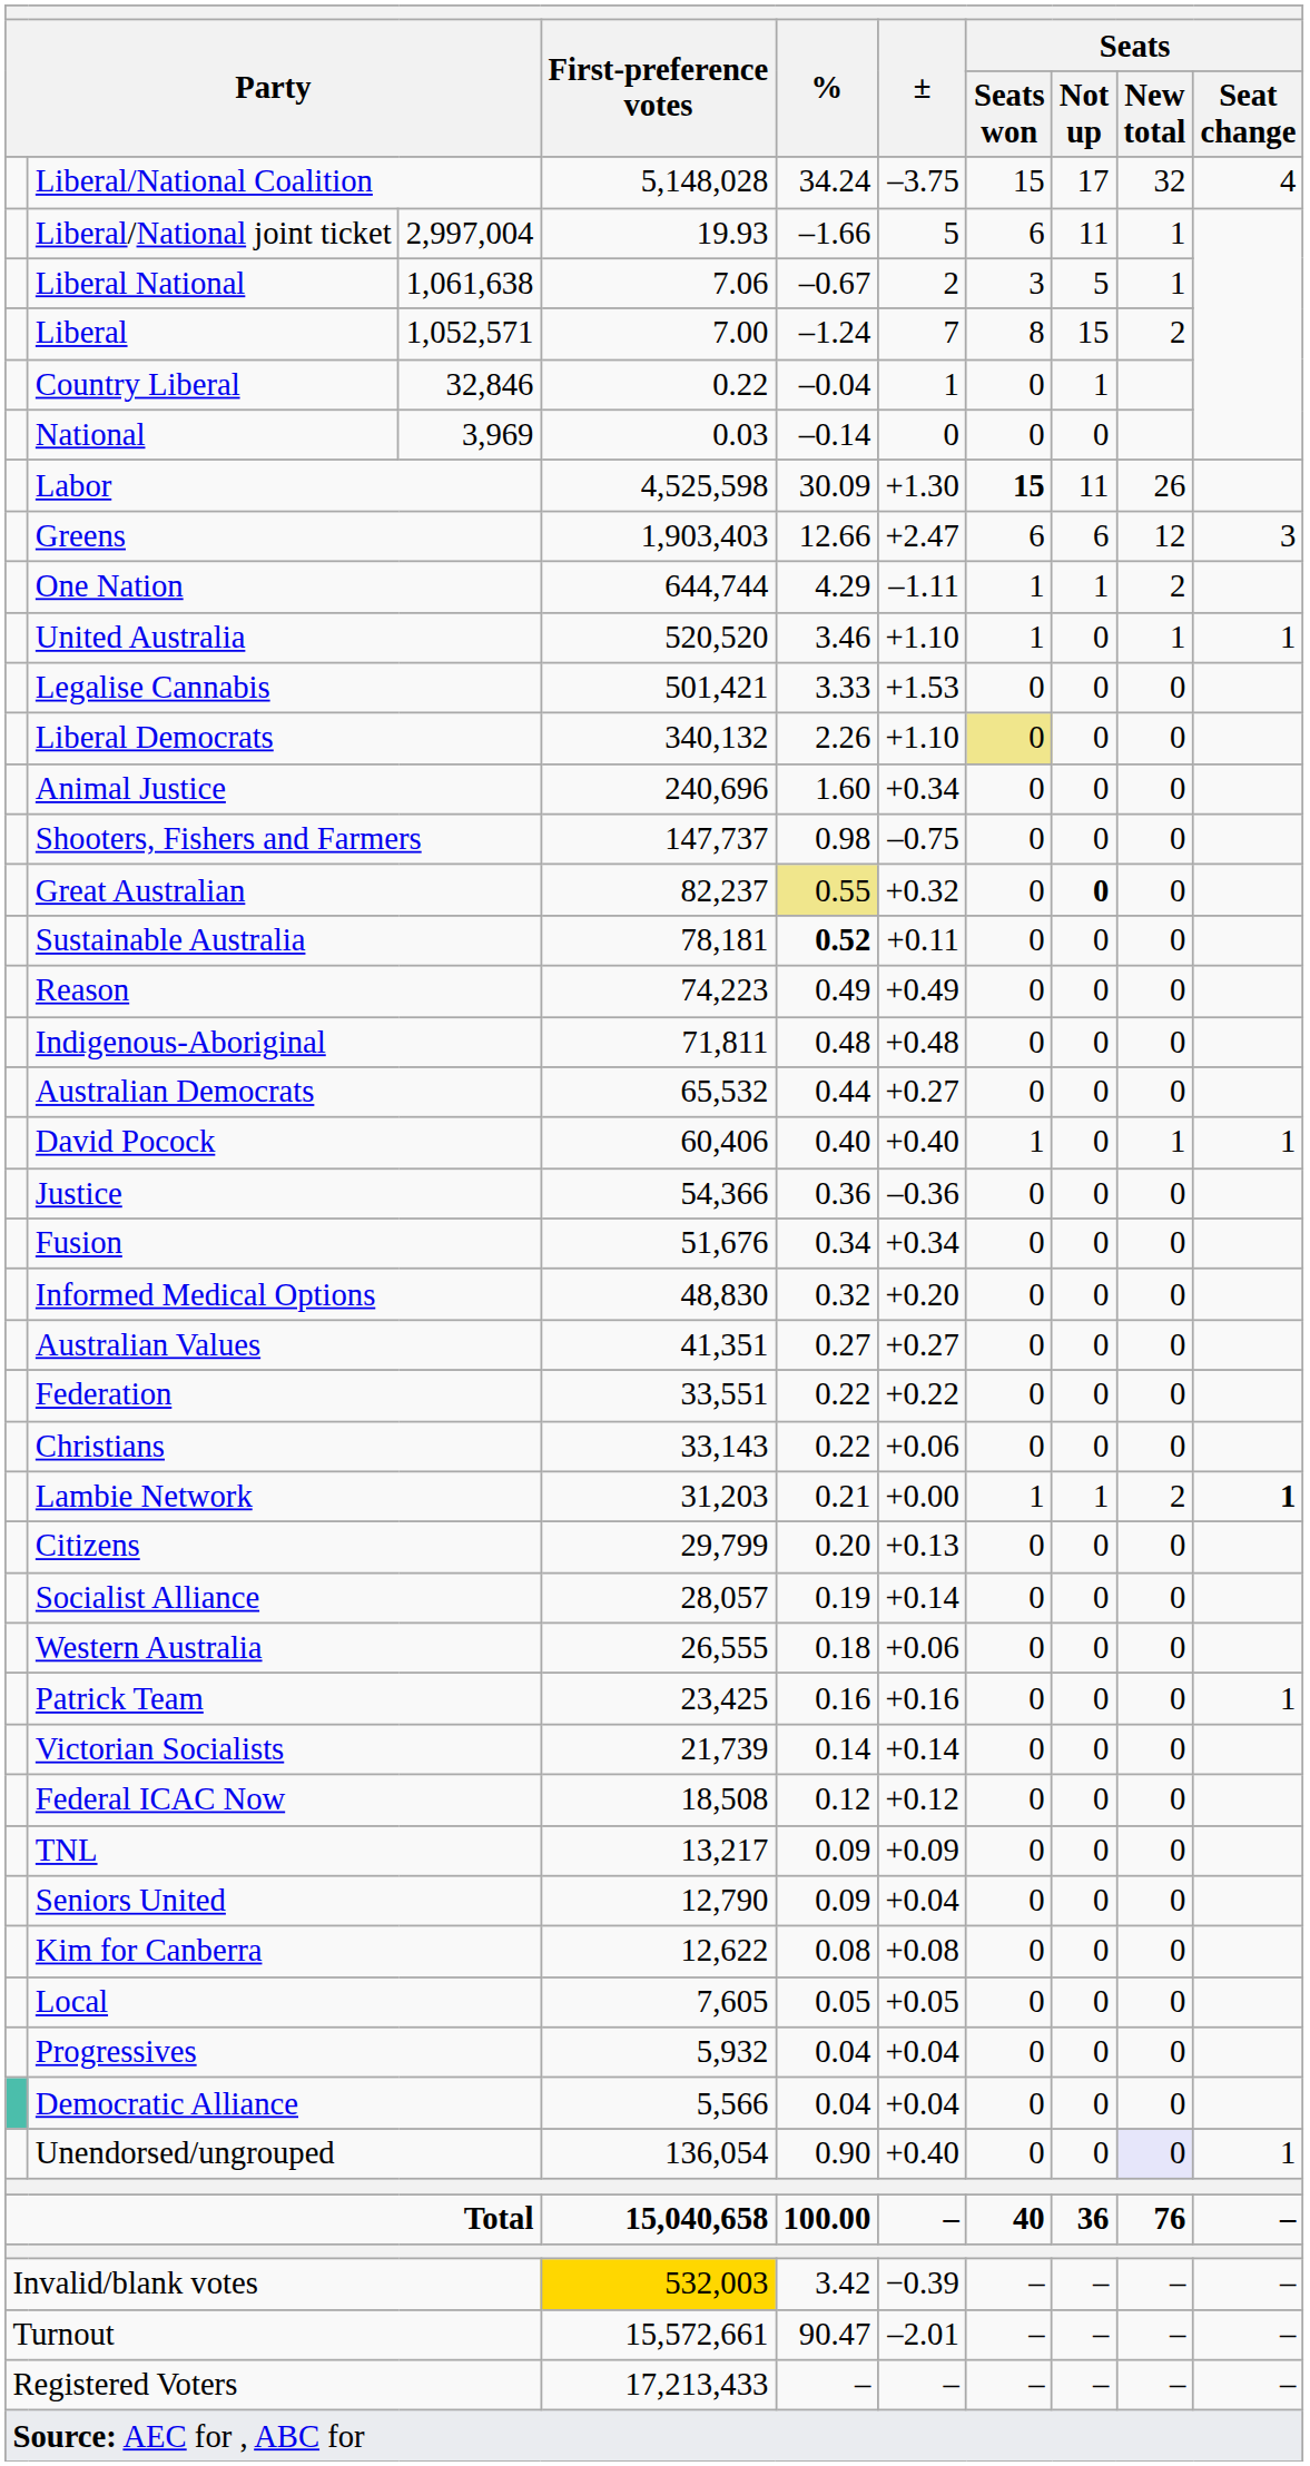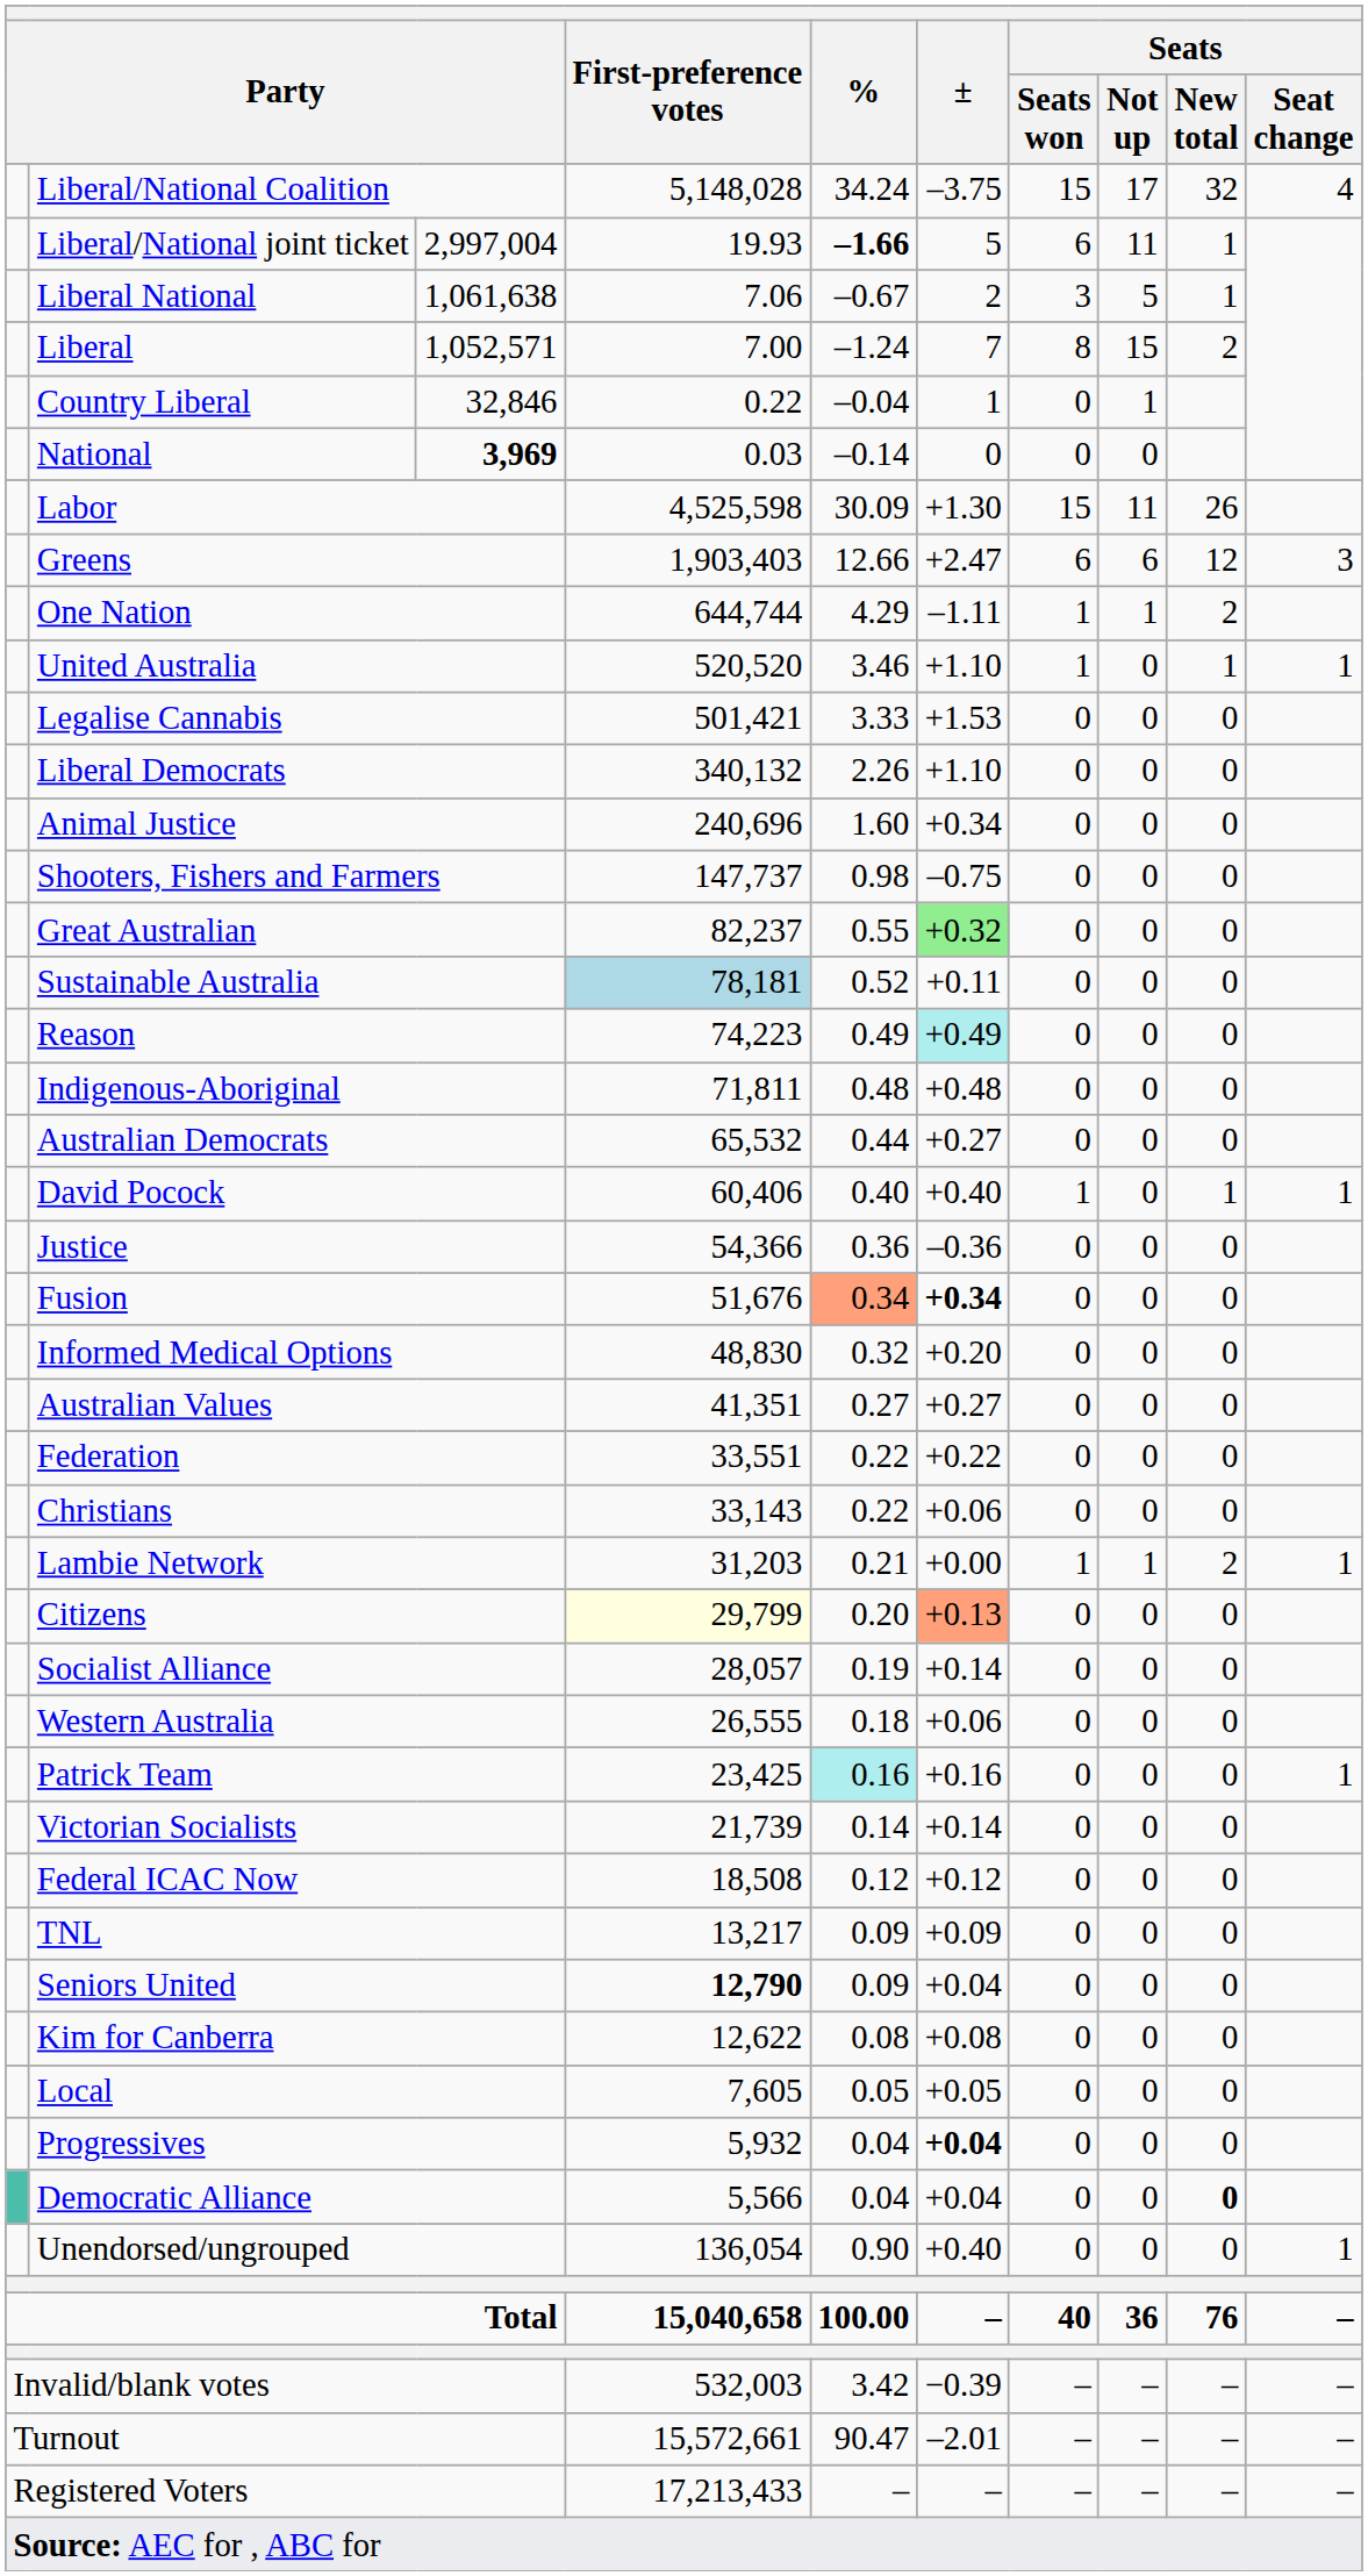 <table class="wikitable sortable tpl-blanktable" style="text-align:right; margin-bottom:0">
 <tr>
 <th colspan="10"></th>
 </tr>
 <tr>
 <th colspan="3" rowspan="2">Party</th>
 <th rowspan="2">First-preference<br>votes</th>
 <th rowspan="2">%</th>
 <th rowspan="2">±</th>
 <th colspan="4">Seats</th>
 </tr>
 <tr>
 <th>Seats<br>won</th>
 <th>Not<br>up</th>
 <th>New<br>total</th>
 <th>Seat<br>change</th>
 </tr>
 <tr>
 <td> </td>
 <td colspan="2" style="text-align:left;"><a href='#'>Liberal/National Coalition</a></td>
 <td>5,148,028</td>
 <td>34.24</td>
 <td>–3.75</td>
 <td>15</td>
 <td>17</td>
 <td>32</td>
 <td> 4</td>
 </tr>
 <tr>
 <td> </td>
 <td align="left"><a href='#'>Liberal</a>/<a href='#'>National</a> joint ticket</td>
 <td>2,997,004</td>
 <td>19.93</td>
-<td>–1.66</td>
+<td><strong>–1.66</strong></td>
 <td>5</td>
 <td>6</td>
 <td>11</td>
 <td> 1</td>
 </tr>
 <tr>
 <td> </td>
 <td align="left"><a href='#'>Liberal National</a> </td>
 <td>1,061,638</td>
 <td>7.06</td>
 <td>–0.67</td>
 <td>2</td>
 <td>3</td>
 <td>5</td>
 <td> 1</td>
 </tr>
 <tr>
 <td> </td>
 <td align="left"><a href='#'>Liberal</a></td>
 <td>1,052,571</td>
 <td>7.00</td>
 <td>–1.24</td>
 <td>7</td>
 <td>8</td>
 <td>15</td>
 <td> 2</td>
 </tr>
 <tr>
 <td> </td>
 <td align="left"><a href='#'>Country Liberal</a> </td>
 <td>32,846</td>
 <td>0.22</td>
 <td>–0.04</td>
 <td>1</td>
 <td>0</td>
 <td>1</td>
 <td></td>
 </tr>
 <tr>
 <td> </td>
 <td align="left"><a href='#'>National</a></td>
-<td>3,969</td>
+<td><strong>3,969</strong></td>
 <td>0.03</td>
 <td>–0.14</td>
 <td>0</td>
 <td>0</td>
 <td>0</td>
 <td></td>
 </tr>
 <tr>
 <td> </td>
 <td colspan="2" style="text-align:left;"><a href='#'>Labor</a></td>
 <td>4,525,598</td>
 <td>30.09</td>
 <td>+1.30</td>
-<td><strong>15</strong></td>
+<td>15</td>
 <td>11</td>
 <td>26</td>
 <td></td>
 </tr>
 <tr>
 <td> </td>
 <td colspan="2" style="text-align:left;"><a href='#'>Greens</a></td>
 <td>1,903,403</td>
 <td>12.66</td>
 <td>+2.47</td>
 <td>6</td>
 <td>6</td>
 <td>12</td>
 <td> 3</td>
 </tr>
 <tr>
 <td> </td>
 <td colspan="2" style="text-align:left;"><a href='#'>One Nation</a></td>
 <td>644,744</td>
 <td>4.29</td>
 <td>–1.11</td>
 <td>1</td>
 <td>1</td>
 <td>2</td>
 <td></td>
 </tr>
 <tr>
 <td> </td>
 <td colspan="2" style="text-align:left;"><a href='#'>United Australia</a></td>
 <td>520,520</td>
 <td>3.46</td>
 <td>+1.10</td>
 <td>1</td>
 <td>0</td>
 <td>1</td>
 <td> 1</td>
 </tr>
 <tr>
 <td> </td>
 <td colspan="2" style="text-align:left;"><a href='#'>Legalise Cannabis</a></td>
 <td>501,421</td>
 <td>3.33</td>
 <td>+1.53</td>
 <td>0</td>
 <td>0</td>
 <td>0</td>
 <td></td>
 </tr>
 <tr>
 <td> </td>
 <td colspan="2" style="text-align:left;"><a href='#'>Liberal Democrats</a></td>
 <td>340,132</td>
 <td>2.26</td>
 <td>+1.10</td>
-<td style="background: khaki;">0</td>
+<td>0</td>
 <td>0</td>
 <td>0</td>
 <td><br></td>
 </tr>
 <tr>
 <td> </td>
 <td colspan="2" style="text-align:left;"><a href='#'>Animal Justice</a></td>
 <td>240,696</td>
 <td>1.60</td>
 <td>+0.34</td>
 <td>0</td>
 <td>0</td>
 <td>0</td>
 <td></td>
 </tr>
 <tr>
 <td> </td>
 <td colspan="2" style="text-align:left;"><a href='#'>Shooters, Fishers and Farmers</a></td>
 <td>147,737</td>
 <td>0.98</td>
 <td>–0.75</td>
 <td>0</td>
 <td>0</td>
 <td>0</td>
 <td></td>
 </tr>
 <tr>
 <td> </td>
 <td colspan="2" style="text-align:left;"><a href='#'>Great Australian</a></td>
 <td>82,237</td>
-<td style="background: khaki;">0.55</td>
-<td>+0.32</td>
+<td>0.55</td>
+<td style="background: lightgreen;">+0.32</td>
 <td>0</td>
-<td><strong>0</strong></td>
+<td>0</td>
 <td>0</td>
 <td></td>
 </tr>
 <tr>
 <td> </td>
 <td colspan="2" style="text-align:left;"><a href='#'>Sustainable Australia</a></td>
-<td>78,181</td>
-<td><strong>0.52</strong></td>
+<td style="background: lightblue;">78,181</td>
+<td>0.52</td>
 <td>+0.11</td>
 <td>0</td>
 <td>0</td>
 <td>0</td>
 <td><br></td>
 </tr>
 <tr>
 <td> </td>
 <td colspan="2" style="text-align:left;"><a href='#'>Reason</a></td>
 <td>74,223</td>
 <td>0.49</td>
-<td>+0.49</td>
+<td style="background: paleturquoise;">+0.49</td>
 <td>0</td>
 <td>0</td>
 <td>0</td>
 <td></td>
 </tr>
 <tr>
 <td> </td>
 <td colspan="2" style="text-align:left;"><a href='#'>Indigenous-Aboriginal</a></td>
 <td>71,811</td>
 <td>0.48</td>
 <td>+0.48</td>
 <td>0</td>
 <td>0</td>
 <td>0</td>
 <td></td>
 </tr>
 <tr>
 <td> </td>
 <td colspan="2" style="text-align:left;"><a href='#'>Australian Democrats</a></td>
 <td>65,532</td>
 <td>0.44</td>
 <td>+0.27</td>
 <td>0</td>
 <td>0</td>
 <td>0</td>
 <td></td>
 </tr>
 <tr>
 <td> </td>
 <td colspan="2" style="text-align:left;"><a href='#'>David Pocock</a></td>
 <td>60,406</td>
 <td>0.40</td>
 <td>+0.40</td>
 <td>1</td>
 <td>0</td>
 <td>1</td>
 <td> 1<br></td>
 </tr>
 <tr>
 <td> </td>
 <td colspan="2" style="text-align:left;"><a href='#'>Justice</a></td>
 <td>54,366</td>
 <td>0.36</td>
 <td>–0.36</td>
 <td>0</td>
 <td>0</td>
 <td>0</td>
 <td></td>
 </tr>
 <tr>
 <td> </td>
 <td colspan="2" style="text-align:left;"><a href='#'>Fusion</a></td>
 <td>51,676</td>
-<td>0.34</td>
-<td>+0.34</td>
+<td style="background: lightsalmon;">0.34</td>
+<td><strong>+0.34</strong></td>
 <td>0</td>
 <td>0</td>
 <td>0</td>
 <td></td>
 </tr>
 <tr>
 <td> </td>
 <td colspan="2" style="text-align:left;"><a href='#'>Informed Medical Options</a></td>
 <td>48,830</td>
 <td>0.32</td>
 <td>+0.20</td>
 <td>0</td>
 <td>0</td>
 <td>0</td>
 <td></td>
 </tr>
 <tr>
 <td> </td>
 <td colspan="2" style="text-align:left;"><a href='#'>Australian Values</a></td>
 <td>41,351</td>
 <td>0.27</td>
 <td>+0.27</td>
 <td>0</td>
 <td>0</td>
 <td>0</td>
 <td></td>
 </tr>
 <tr>
 <td> </td>
 <td colspan="2" style="text-align:left;"><a href='#'>Federation</a></td>
 <td>33,551</td>
 <td>0.22</td>
 <td>+0.22</td>
 <td>0</td>
 <td>0</td>
 <td>0</td>
 <td></td>
 </tr>
 <tr>
 <td> </td>
 <td colspan="2" style="text-align:left;"><a href='#'>Christians</a></td>
 <td>33,143</td>
 <td>0.22</td>
 <td>+0.06</td>
 <td>0</td>
 <td>0</td>
 <td>0</td>
 <td><br></td>
 </tr>
 <tr>
 <td> </td>
 <td colspan="2" style="text-align:left;"><a href='#'>Lambie Network</a></td>
 <td>31,203</td>
 <td>0.21</td>
 <td>+0.00</td>
 <td>1</td>
 <td>1</td>
 <td>2</td>
-<td><strong> 1<br></strong></td>
+<td> 1<br></td>
 </tr>
 <tr>
 <td> </td>
 <td colspan="2" style="text-align:left;"><a href='#'>Citizens</a></td>
-<td>29,799</td>
+<td style="background: lightyellow;">29,799</td>
 <td>0.20</td>
-<td>+0.13</td>
+<td style="background: lightsalmon;">+0.13</td>
 <td>0</td>
 <td>0</td>
 <td>0</td>
 <td></td>
 </tr>
 <tr>
 <td> </td>
 <td colspan="2" style="text-align:left;"><a href='#'>Socialist Alliance</a></td>
 <td>28,057</td>
 <td>0.19</td>
 <td>+0.14</td>
 <td>0</td>
 <td>0</td>
 <td>0</td>
 <td><br></td>
 </tr>
 <tr>
 <td> </td>
 <td colspan="2" style="text-align:left;"><a href='#'>Western Australia</a></td>
 <td>26,555</td>
 <td>0.18</td>
 <td>+0.06</td>
 <td>0</td>
 <td>0</td>
 <td>0</td>
 <td></td>
 </tr>
 <tr>
 <td> </td>
 <td colspan="2" style="text-align:left;"><a href='#'>Patrick Team</a></td>
 <td>23,425</td>
-<td>0.16</td>
+<td style="background: paleturquoise;">0.16</td>
 <td>+0.16</td>
 <td>0</td>
 <td>0</td>
 <td>0</td>
 <td> 1<br></td>
 </tr>
 <tr>
 <td> </td>
 <td colspan="2" style="text-align:left;"><a href='#'>Victorian Socialists</a></td>
 <td>21,739</td>
 <td>0.14</td>
 <td>+0.14</td>
 <td>0</td>
 <td>0</td>
 <td>0</td>
 <td></td>
 </tr>
 <tr>
 <td> </td>
 <td colspan="2" style="text-align:left;"><a href='#'>Federal ICAC Now</a></td>
 <td>18,508</td>
 <td>0.12</td>
 <td>+0.12</td>
 <td>0</td>
 <td>0</td>
 <td>0</td>
 <td></td>
 </tr>
 <tr>
 <td> </td>
 <td colspan="2" style="text-align:left;"><a href='#'>TNL</a></td>
 <td>13,217</td>
 <td>0.09</td>
 <td>+0.09</td>
 <td>0</td>
 <td>0</td>
 <td>0</td>
 <td></td>
 </tr>
 <tr>
 <td> </td>
 <td colspan="2" style="text-align:left;"><a href='#'>Seniors United</a></td>
-<td>12,790</td>
+<td><strong>12,790</strong></td>
 <td>0.09</td>
 <td>+0.04</td>
 <td>0</td>
 <td>0</td>
 <td>0</td>
 <td></td>
 </tr>
 <tr>
 <td> </td>
 <td colspan="2" style="text-align:left;"><a href='#'>Kim for Canberra</a></td>
 <td>12,622</td>
 <td>0.08</td>
 <td>+0.08</td>
 <td>0</td>
 <td>0</td>
 <td>0</td>
 <td></td>
 </tr>
 <tr>
 <td> </td>
 <td colspan="2" style="text-align:left;"><a href='#'>Local</a></td>
 <td>7,605</td>
 <td>0.05</td>
 <td>+0.05</td>
 <td>0</td>
 <td>0</td>
 <td>0</td>
 <td></td>
 </tr>
 <tr>
 <td> </td>
 <td colspan="2" style="text-align:left;"><a href='#'>Progressives</a></td>
 <td>5,932</td>
 <td>0.04</td>
-<td>+0.04</td>
+<td><strong>+0.04</strong></td>
 <td>0</td>
 <td>0</td>
 <td>0</td>
 <td></td>
 </tr>
 <tr>
 <th style=background:#4BBEAB> </th>
 <td colspan="2" style="text-align:left;"><a href='#'>Democratic Alliance</a></td>
 <td>5,566</td>
 <td>0.04</td>
 <td>+0.04</td>
 <td>0</td>
 <td>0</td>
-<td>0</td>
+<td><strong>0</strong></td>
 <td></td>
 </tr>
 <tr>
 <td> </td>
 <td colspan="2" style="text-align:left;">Unendorsed/ungrouped</td>
 <td>136,054</td>
 <td>0.90</td>
 <td>+0.40</td>
 <td>0</td>
 <td>0</td>
-<td style="background: lavender;">0</td>
+<td>0</td>
 <td> 1<br></td>
 </tr>
 <tr>
 <th colspan=10></th>
 </tr>
 <tr>
 <td colspan="3"><strong>Total</strong></td>
 <td><strong>15,040,658</strong></td>
 <td><strong>100.00</strong></td>
 <td><strong>–</strong></td>
 <td><strong>40</strong></td>
 <td><strong>36</strong></td>
 <td><strong>76</strong></td>
 <td><strong>–</strong></td>
 </tr>
 <tr>
 <th colspan=10></th>
 </tr>
 <tr>
 <td colspan="3" align=left>Invalid/blank votes</td>
-<td style="background: gold;">532,003</td>
+<td>532,003</td>
 <td>3.42</td>
 <td>−0.39</td>
 <td>–</td>
 <td>–</td>
 <td>–</td>
 <td>–</td>
 </tr>
 <tr>
 <td colspan="3" align=left>Turnout</td>
 <td>15,572,661</td>
 <td>90.47</td>
 <td>–2.01</td>
 <td>–</td>
 <td>–</td>
 <td>–</td>
 <td>–</td>
 </tr>
 <tr>
 <td colspan="3" align=left>Registered Voters</td>
 <td>17,213,433</td>
 <td>–</td>
 <td>–</td>
 <td>–</td>
 <td>–</td>
 <td>–</td>
 <td>–</td>
 </tr>
 <tr>
 <td colspan="10" style="text-align:left; background-color:#eaecf0"><strong>Source:</strong> <a href='#'>AEC</a> for , <a href='#'>ABC</a> for </td>
 </tr>
 </table>
